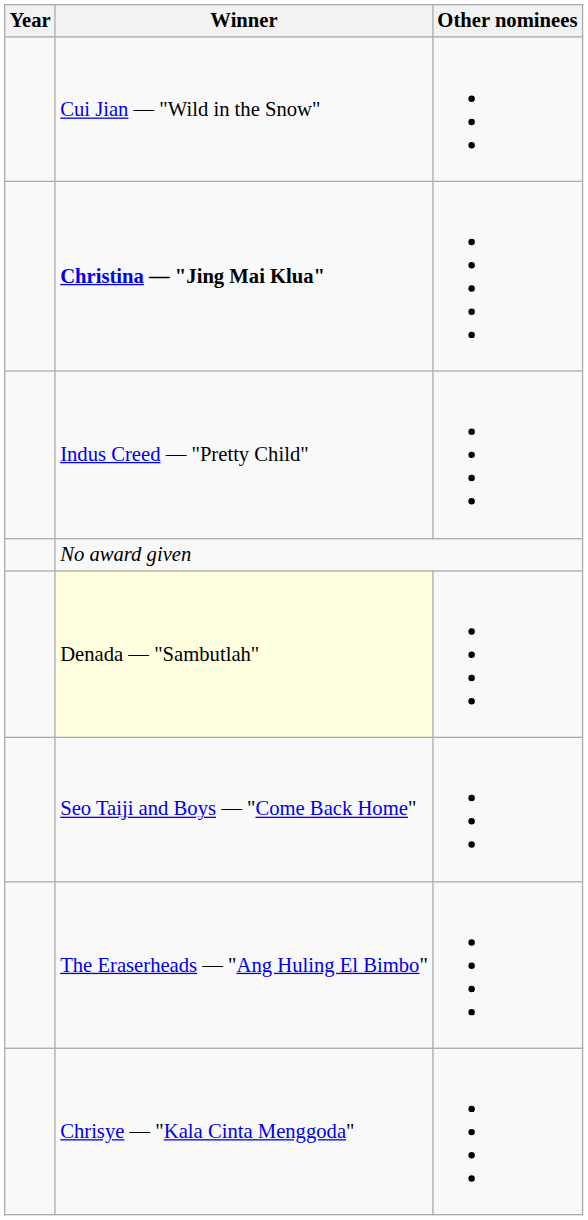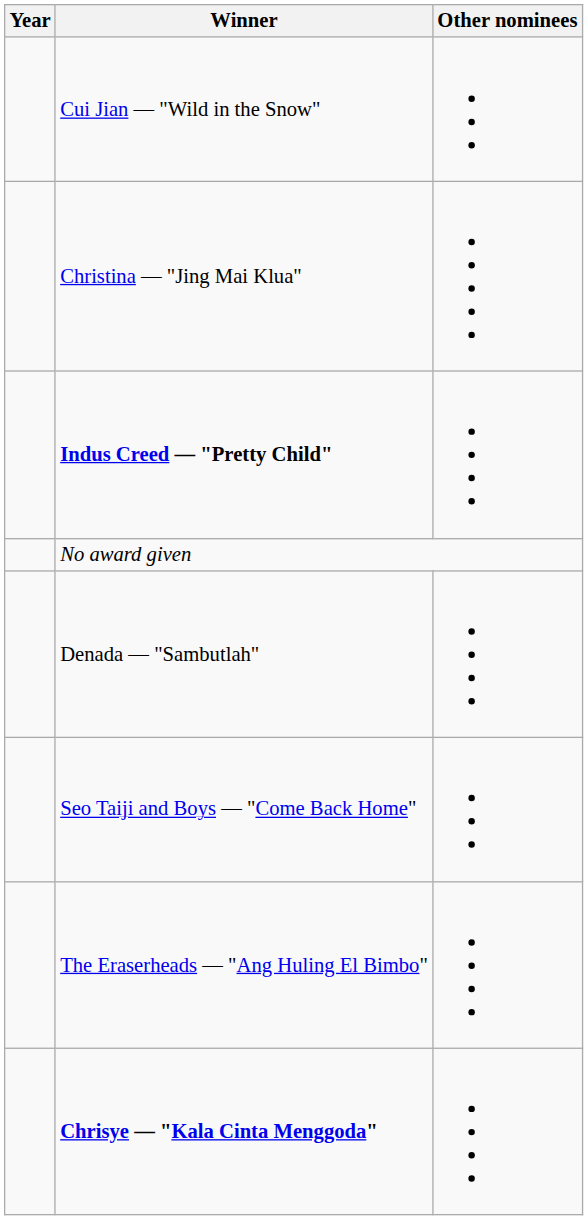 <table class="wikitable">
 <tr>
 <th>Year</th>
 <th>Winner</th>
 <th>Other nominees</th>
 </tr>
 <tr>
 <td></td>
 <td><a href='#'>Cui Jian</a> — "Wild in the Snow"</td>
 <td><br><ul><li></li><li></li><li></li></ul></td>
 </tr>
 <tr>
 <td></td>
-<td><strong><a href='#'>Christina</a> — "Jing Mai Klua"</strong></td>
+<td><a href='#'>Christina</a> — "Jing Mai Klua"</td>
 <td><br><ul><li></li><li></li><li></li><li></li><li></li></ul></td>
 </tr>
 <tr>
 <td></td>
-<td><a href='#'>Indus Creed</a> — "Pretty Child"</td>
+<td><strong><a href='#'>Indus Creed</a> — "Pretty Child"</strong></td>
 <td><br><ul><li></li><li></li><li></li><li></li></ul></td>
 </tr>
 <tr>
 <td></td>
 <td colspan="3"><em>No award given</em></td>
 </tr>
 <tr>
 <td></td>
-<td style="background: lightyellow;">Denada — "Sambutlah"</td>
+<td>Denada — "Sambutlah"</td>
 <td><br><ul><li></li><li></li><li></li><li></li></ul></td>
 </tr>
 <tr>
 <td></td>
 <td><a href='#'>Seo Taiji and Boys</a> — "<a href='#'>Come Back Home</a>"</td>
 <td><br><ul><li></li><li></li><li></li></ul></td>
 </tr>
 <tr>
 <td></td>
 <td><a href='#'>The Eraserheads</a> — "<a href='#'>Ang Huling El Bimbo</a>"</td>
 <td><br><ul><li></li><li></li><li></li><li></li></ul></td>
 </tr>
 <tr>
 <td></td>
-<td><a href='#'>Chrisye</a> — "<a href='#'>Kala Cinta Menggoda</a>"</td>
+<td><strong><a href='#'>Chrisye</a> — "<a href='#'>Kala Cinta Menggoda</a>"</strong></td>
 <td><br><ul><li></li><li></li><li></li><li></li></ul></td>
 </tr>
 </table>
